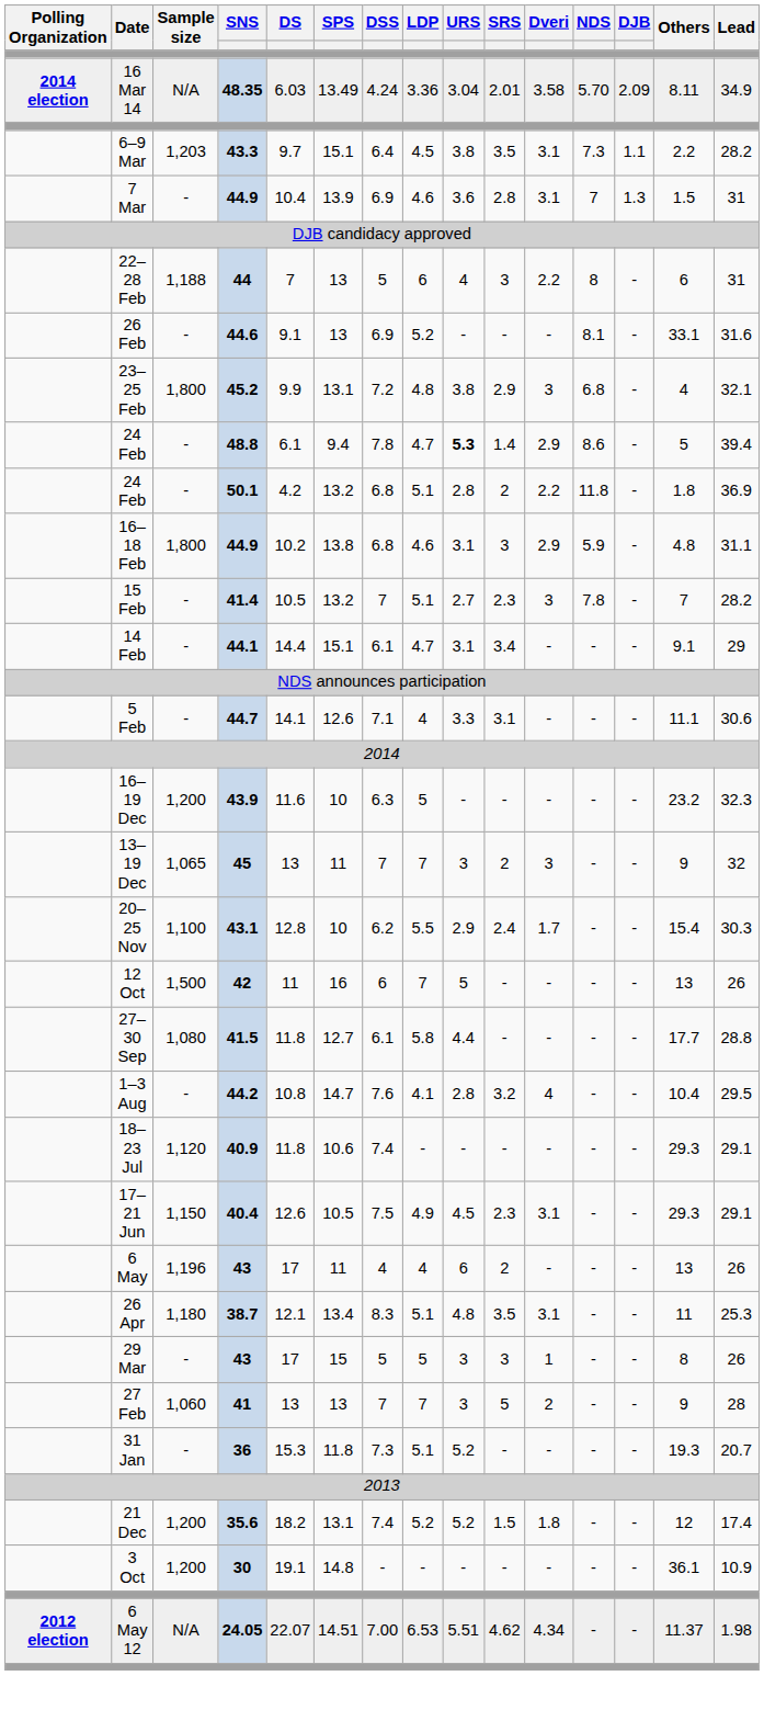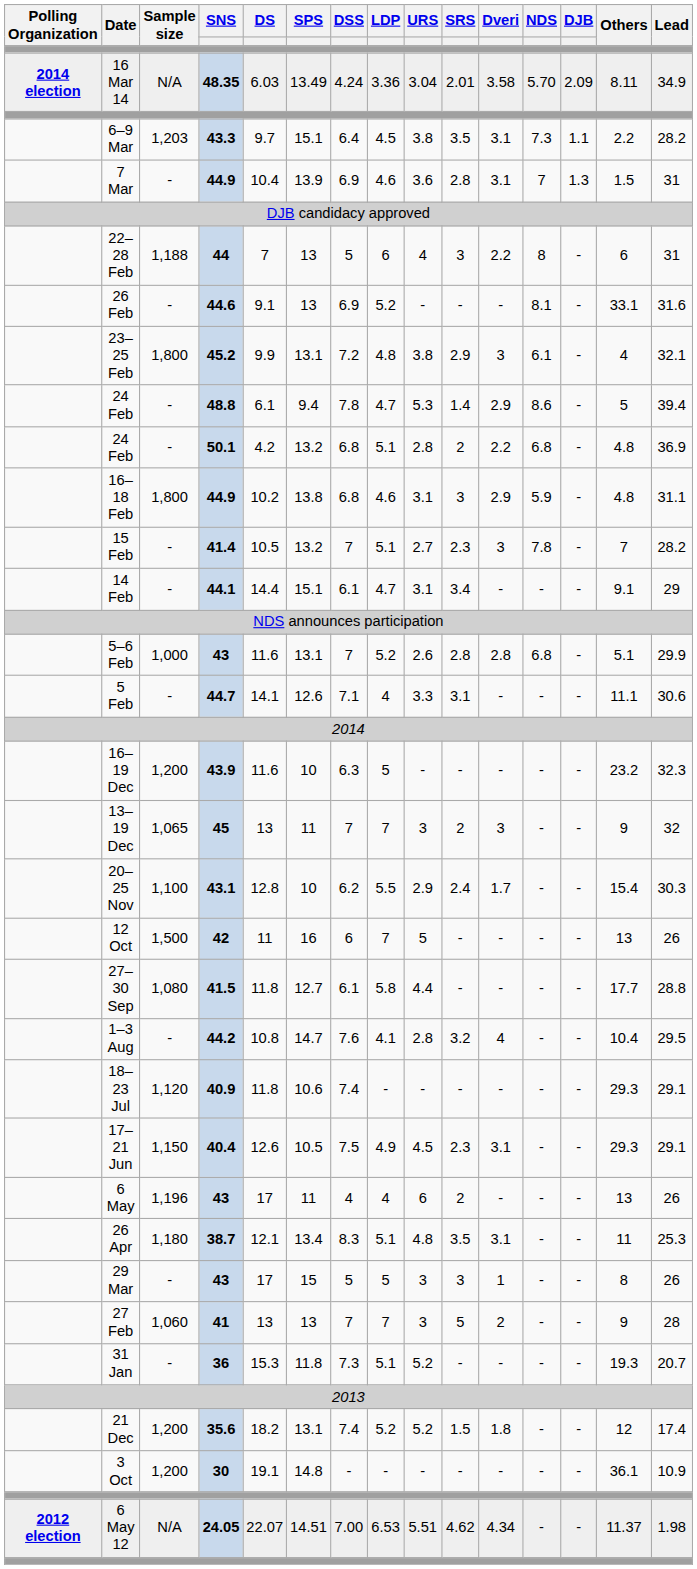 <table class="wikitable" style="text-align:center; font-size:85%; line-height:16px; margin-bottom:0">
 <tr>
 <th style="width:160px;" rowspan="2">Polling Organization</th>
 <th style="width:100px;" rowspan="2">Date</th>
 <th rowspan="2">Sample size</th>
 <th><a href='#'>SNS</a></th>
 <th><a href='#'>DS</a></th>
 <th><a href='#'>SPS</a></th>
 <th><a href='#'>DSS</a></th>
 <th><a href='#'>LDP</a></th>
 <th><a href='#'>URS</a></th>
 <th><a href='#'>SRS</a></th>
 <th><a href='#'>Dveri</a></th>
 <th><a href='#'>NDS</a></th>
 <th><a href='#'>DJB</a></th>
 <th rowspan="2">Others</th>
 <th rowspan="2">Lead</th>
 </tr>
 <tr>
 <th style="background:"></th>
 <th style="background:"></th>
 <th style="background:"></th>
 <th style="background:"></th>
 <th style="background:"></th>
 <th style="background:"></th>
 <th style="background:"></th>
 <th style="background:"></th>
 <th style="background:"></th>
 <th style="background:"></th>
 </tr>
 <tr>
 <td colspan="15" style="background:#A0A0A0"></td>
 </tr>
 <tr style="background:#EFEFEF;">
 <td><strong><a href='#'>2014 election</a></strong></td>
 <td>16 Mar 14</td>
 <td>N/A</td>
 <td style="background:#C8D9EC"><strong>48.35</strong></td>
 <td>6.03</td>
 <td>13.49</td>
 <td>4.24</td>
 <td>3.36</td>
 <td>3.04</td>
 <td>2.01</td>
 <td>3.58</td>
 <td>5.70</td>
 <td>2.09</td>
 <td>8.11</td>
 <td style="background:">34.9</td>
 </tr>
 <tr>
 <td colspan="15" style="background:#A0A0A0"></td>
 </tr>
 <tr>
 <td></td>
 <td>6–9 Mar</td>
 <td>1,203</td>
 <td style="background:#C8D9EC"><strong>43.3</strong></td>
 <td>9.7</td>
 <td>15.1</td>
 <td>6.4</td>
 <td>4.5</td>
 <td>3.8</td>
 <td>3.5</td>
 <td>3.1</td>
 <td>7.3</td>
 <td>1.1</td>
 <td>2.2</td>
 <td style="background:">28.2</td>
 </tr>
 <tr>
 <td></td>
 <td>7 Mar</td>
 <td>-</td>
 <td style="background:#C8D9EC"><strong>44.9</strong></td>
 <td>10.4</td>
 <td>13.9</td>
 <td>6.9</td>
 <td>4.6</td>
 <td>3.6</td>
 <td>2.8</td>
 <td>3.1</td>
 <td>7</td>
 <td>1.3</td>
 <td>1.5</td>
 <td style="background:">31</td>
 </tr>
 <tr>
 <td colspan="15" style="background:#D0D0D0; color:black"><a href='#'>DJB</a> candidacy approved</td>
 </tr>
 <tr>
 <td></td>
 <td>22–28 Feb</td>
 <td>1,188</td>
 <td style="background:#C8D9EC"><strong>44</strong></td>
 <td>7</td>
 <td>13</td>
 <td>5</td>
 <td>6</td>
 <td>4</td>
 <td>3</td>
 <td>2.2</td>
 <td>8</td>
 <td>-</td>
 <td>6</td>
 <td style="background:">31</td>
 </tr>
 <tr>
 <td></td>
 <td>26 Feb</td>
 <td>-</td>
 <td style="background:#C8D9EC"><strong>44.6</strong></td>
 <td>9.1</td>
 <td>13</td>
 <td>6.9</td>
 <td>5.2</td>
 <td>-</td>
 <td>-</td>
 <td>-</td>
 <td>8.1</td>
 <td>-</td>
 <td>33.1</td>
 <td style="background:">31.6</td>
 </tr>
 <tr>
 <td></td>
 <td>23–25 Feb</td>
 <td>1,800</td>
 <td style="background:#C8D9EC"><strong>45.2</strong></td>
 <td>9.9</td>
 <td>13.1</td>
 <td>7.2</td>
 <td>4.8</td>
 <td>3.8</td>
 <td>2.9</td>
 <td>3</td>
-<td>6.8</td>
+<td>6.1</td>
 <td>-</td>
 <td>4</td>
 <td style="background:">32.1</td>
 </tr>
 <tr>
 <td></td>
 <td>24 Feb</td>
 <td>-</td>
 <td style="background:#C8D9EC"><strong>48.8</strong></td>
 <td>6.1</td>
 <td>9.4</td>
 <td>7.8</td>
 <td>4.7</td>
-<td><strong>5.3</strong></td>
+<td>5.3</td>
 <td>1.4</td>
 <td>2.9</td>
 <td>8.6</td>
 <td>-</td>
 <td>5</td>
 <td style="background:">39.4</td>
 </tr>
 <tr>
 <td></td>
 <td>24 Feb</td>
 <td>-</td>
 <td style="background:#C8D9EC"><strong>50.1</strong></td>
 <td>4.2</td>
 <td>13.2</td>
 <td>6.8</td>
 <td>5.1</td>
 <td>2.8</td>
 <td>2</td>
 <td>2.2</td>
-<td>11.8</td>
+<td>6.8</td>
 <td>-</td>
-<td>1.8</td>
+<td>4.8</td>
 <td style="background:">36.9</td>
 </tr>
 <tr>
 <td></td>
 <td>16–18 Feb</td>
 <td>1,800</td>
 <td style="background:#C8D9EC"><strong>44.9</strong></td>
 <td>10.2</td>
 <td>13.8</td>
 <td>6.8</td>
 <td>4.6</td>
 <td>3.1</td>
 <td>3</td>
 <td>2.9</td>
 <td>5.9</td>
 <td>-</td>
 <td>4.8</td>
 <td style="background:">31.1</td>
 </tr>
 <tr>
 <td></td>
 <td>15 Feb</td>
 <td>-</td>
 <td style="background:#C8D9EC"><strong>41.4</strong></td>
 <td>10.5</td>
 <td>13.2</td>
 <td>7</td>
 <td>5.1</td>
 <td>2.7</td>
 <td>2.3</td>
 <td>3</td>
 <td>7.8</td>
 <td>-</td>
 <td>7</td>
 <td style="background:">28.2</td>
 </tr>
 <tr>
 <td></td>
 <td>14 Feb</td>
 <td>-</td>
 <td style="background:#C8D9EC"><strong>44.1</strong></td>
 <td>14.4</td>
 <td>15.1</td>
 <td>6.1</td>
 <td>4.7</td>
 <td>3.1</td>
 <td>3.4</td>
 <td>-</td>
 <td>-</td>
 <td>-</td>
 <td>9.1</td>
 <td style="background:">29</td>
 </tr>
 <tr>
 <td colspan="15" style="background:#D0D0D0; color:black"><a href='#'>NDS</a> announces participation</td>
+</tr>
+<tr>
+<td></td>
+<td>5–6 Feb</td>
+<td>1,000</td>
+<td style="background:#C8D9EC"><strong>43</strong></td>
+<td>11.6</td>
+<td>13.1</td>
+<td>7</td>
+<td>5.2</td>
+<td>2.6</td>
+<td>2.8</td>
+<td>2.8</td>
+<td>6.8</td>
+<td>-</td>
+<td>5.1</td>
+<td style="background:">29.9</td>
 </tr>
 <tr>
 <td></td>
 <td>5 Feb</td>
 <td>-</td>
 <td style="background:#C8D9EC"><strong>44.7</strong></td>
 <td>14.1</td>
 <td>12.6</td>
 <td>7.1</td>
 <td>4</td>
 <td>3.3</td>
 <td>3.1</td>
 <td>-</td>
 <td>-</td>
 <td>-</td>
 <td>11.1</td>
 <td style="background:">30.6</td>
 </tr>
 <tr>
 <td colspan="15" style="background:#D0D0D0; color:black"><em>2014</em></td>
 </tr>
 <tr>
 <td></td>
 <td>16–19 Dec</td>
 <td>1,200</td>
 <td style="background:#C8D9EC"><strong>43.9</strong></td>
 <td>11.6</td>
 <td>10</td>
 <td>6.3</td>
 <td>5</td>
 <td>-</td>
 <td>-</td>
 <td>-</td>
 <td>-</td>
 <td>-</td>
 <td>23.2</td>
 <td style="background:">32.3</td>
 </tr>
 <tr>
 <td></td>
 <td>13–19 Dec</td>
 <td>1,065</td>
 <td style="background:#C8D9EC"><strong>45</strong></td>
 <td>13</td>
 <td>11</td>
 <td>7</td>
 <td>7</td>
 <td>3</td>
 <td>2</td>
 <td>3</td>
 <td>-</td>
 <td>-</td>
 <td>9</td>
 <td style="background:">32</td>
 </tr>
 <tr>
 <td></td>
 <td>20–25 Nov</td>
 <td>1,100</td>
 <td style="background:#C8D9EC"><strong>43.1</strong></td>
 <td>12.8</td>
 <td>10</td>
 <td>6.2</td>
 <td>5.5</td>
 <td>2.9</td>
 <td>2.4</td>
 <td>1.7</td>
 <td>-</td>
 <td>-</td>
 <td>15.4</td>
 <td style="background:">30.3</td>
 </tr>
 <tr>
 <td></td>
 <td>12 Oct</td>
 <td>1,500</td>
 <td style="background:#C8D9EC"><strong>42</strong></td>
 <td>11</td>
 <td>16</td>
 <td>6</td>
 <td>7</td>
 <td>5</td>
 <td>-</td>
 <td>-</td>
 <td>-</td>
 <td>-</td>
 <td>13</td>
 <td style="background:">26</td>
 </tr>
 <tr>
 <td></td>
 <td>27–30 Sep</td>
 <td>1,080</td>
 <td style="background:#C8D9EC"><strong>41.5</strong></td>
 <td>11.8</td>
 <td>12.7</td>
 <td>6.1</td>
 <td>5.8</td>
 <td>4.4</td>
 <td>-</td>
 <td>-</td>
 <td>-</td>
 <td>-</td>
 <td>17.7</td>
 <td style="background:">28.8</td>
 </tr>
 <tr>
 <td></td>
 <td>1–3 Aug</td>
 <td>-</td>
 <td style="background:#C8D9EC"><strong>44.2</strong></td>
 <td>10.8</td>
 <td>14.7</td>
 <td>7.6</td>
 <td>4.1</td>
 <td>2.8</td>
 <td>3.2</td>
 <td>4</td>
 <td>-</td>
 <td>-</td>
 <td>10.4</td>
 <td style="background:">29.5</td>
 </tr>
 <tr>
 <td></td>
 <td>18–23 Jul</td>
 <td>1,120</td>
 <td style="background:#C8D9EC"><strong>40.9</strong></td>
 <td>11.8</td>
 <td>10.6</td>
 <td>7.4</td>
 <td>-</td>
 <td>-</td>
 <td>-</td>
 <td>-</td>
 <td>-</td>
 <td>-</td>
 <td>29.3</td>
 <td style="background:">29.1</td>
 </tr>
 <tr>
 <td></td>
 <td>17–21 Jun</td>
 <td>1,150</td>
 <td style="background:#C8D9EC"><strong>40.4</strong></td>
 <td>12.6</td>
 <td>10.5</td>
 <td>7.5</td>
 <td>4.9</td>
 <td>4.5</td>
 <td>2.3</td>
 <td>3.1</td>
 <td>-</td>
 <td>-</td>
 <td>29.3</td>
 <td style="background:">29.1</td>
 </tr>
 <tr>
 <td></td>
 <td>6 May</td>
 <td>1,196</td>
 <td style="background:#C8D9EC"><strong>43</strong></td>
 <td>17</td>
 <td>11</td>
 <td>4</td>
 <td>4</td>
 <td>6</td>
 <td>2</td>
 <td>-</td>
 <td>-</td>
 <td>-</td>
 <td>13</td>
 <td style="background:">26</td>
 </tr>
 <tr>
 <td></td>
 <td>26 Apr</td>
 <td>1,180</td>
 <td style="background:#C8D9EC"><strong>38.7</strong></td>
 <td>12.1</td>
 <td>13.4</td>
 <td>8.3</td>
 <td>5.1</td>
 <td>4.8</td>
 <td>3.5</td>
 <td>3.1</td>
 <td>-</td>
 <td>-</td>
 <td>11</td>
 <td style="background:">25.3</td>
 </tr>
 <tr>
 <td></td>
 <td>29 Mar</td>
 <td>-</td>
 <td style="background:#C8D9EC"><strong>43</strong></td>
 <td>17</td>
 <td>15</td>
 <td>5</td>
 <td>5</td>
 <td>3</td>
 <td>3</td>
 <td>1</td>
 <td>-</td>
 <td>-</td>
 <td>8</td>
 <td style="background:">26</td>
 </tr>
 <tr>
 <td></td>
 <td>27 Feb</td>
 <td>1,060</td>
 <td style="background:#C8D9EC"><strong>41</strong></td>
 <td>13</td>
 <td>13</td>
 <td>7</td>
 <td>7</td>
 <td>3</td>
 <td>5</td>
 <td>2</td>
 <td>-</td>
 <td>-</td>
 <td>9</td>
 <td style="background:">28</td>
 </tr>
 <tr>
 <td></td>
 <td>31 Jan</td>
 <td>-</td>
 <td style="background:#C8D9EC"><strong>36</strong></td>
 <td>15.3</td>
 <td>11.8</td>
 <td>7.3</td>
 <td>5.1</td>
 <td>5.2</td>
 <td>-</td>
 <td>-</td>
 <td>-</td>
 <td>-</td>
 <td>19.3</td>
 <td style="background:">20.7</td>
 </tr>
 <tr>
 <td colspan="15" style="background:#D0D0D0; color:black"><em>2013</em></td>
 </tr>
 <tr>
 <td></td>
 <td>21 Dec</td>
 <td>1,200</td>
 <td style="background:#C8D9EC"><strong>35.6</strong></td>
 <td>18.2</td>
 <td>13.1</td>
 <td>7.4</td>
 <td>5.2</td>
 <td>5.2</td>
 <td>1.5</td>
 <td>1.8</td>
 <td>-</td>
 <td>-</td>
 <td>12</td>
 <td style="background:">17.4</td>
 </tr>
 <tr>
 <td></td>
 <td>3 Oct</td>
 <td>1,200</td>
 <td style="background:#C8D9EC"><strong>30</strong></td>
 <td>19.1</td>
 <td>14.8</td>
 <td>-</td>
 <td>-</td>
 <td>-</td>
 <td>-</td>
 <td>-</td>
 <td>-</td>
 <td>-</td>
 <td>36.1</td>
 <td style="background:">10.9</td>
 </tr>
 <tr>
 <td colspan="15" style="background:#A0A0A0"></td>
 </tr>
 <tr style="background:#EFEFEF;">
 <td><strong><a href='#'>2012 election</a></strong></td>
 <td>6 May 12</td>
 <td>N/A</td>
 <td style="background:#C8D9EC"><strong>24.05</strong></td>
 <td>22.07</td>
 <td>14.51</td>
 <td>7.00</td>
 <td>6.53</td>
 <td>5.51</td>
 <td>4.62</td>
 <td>4.34</td>
 <td>-</td>
 <td>-</td>
 <td>11.37</td>
 <td style="background:">1.98</td>
 </tr>
 <tr>
 <td colspan="15" style="background:#A0A0A0"></td>
 </tr>
 </table>
